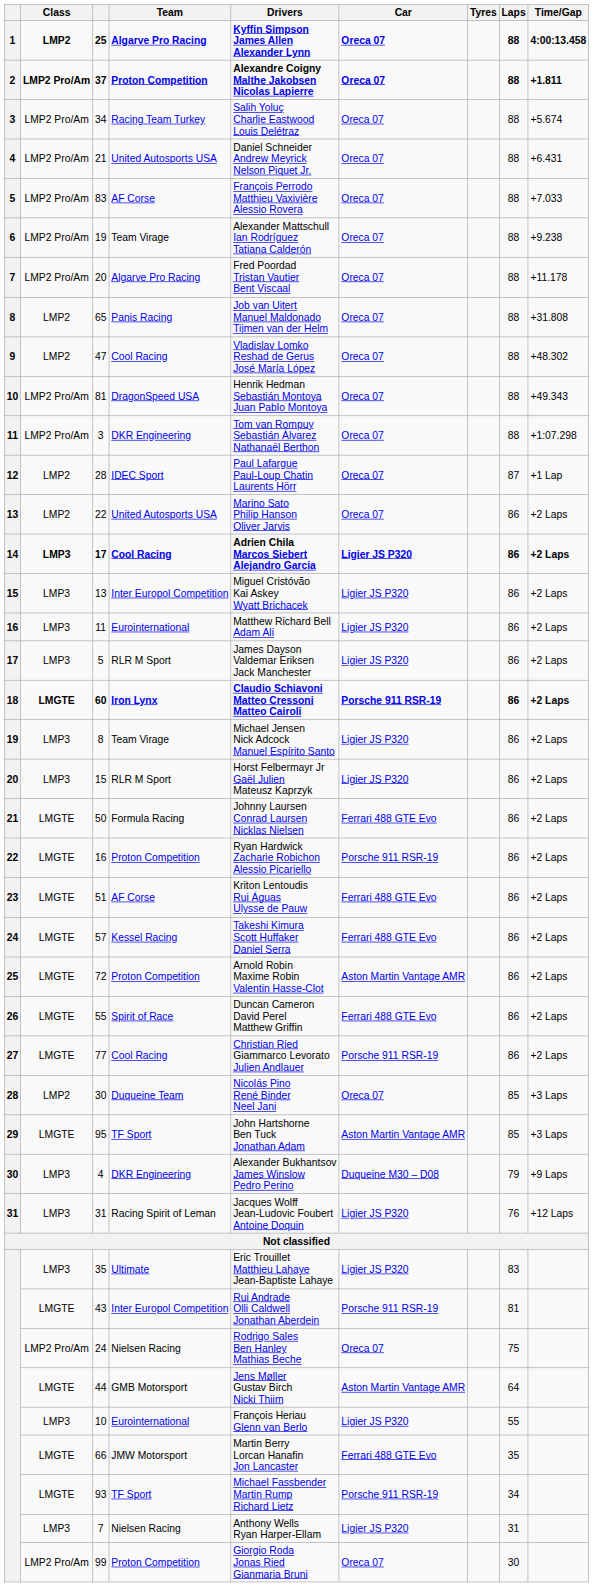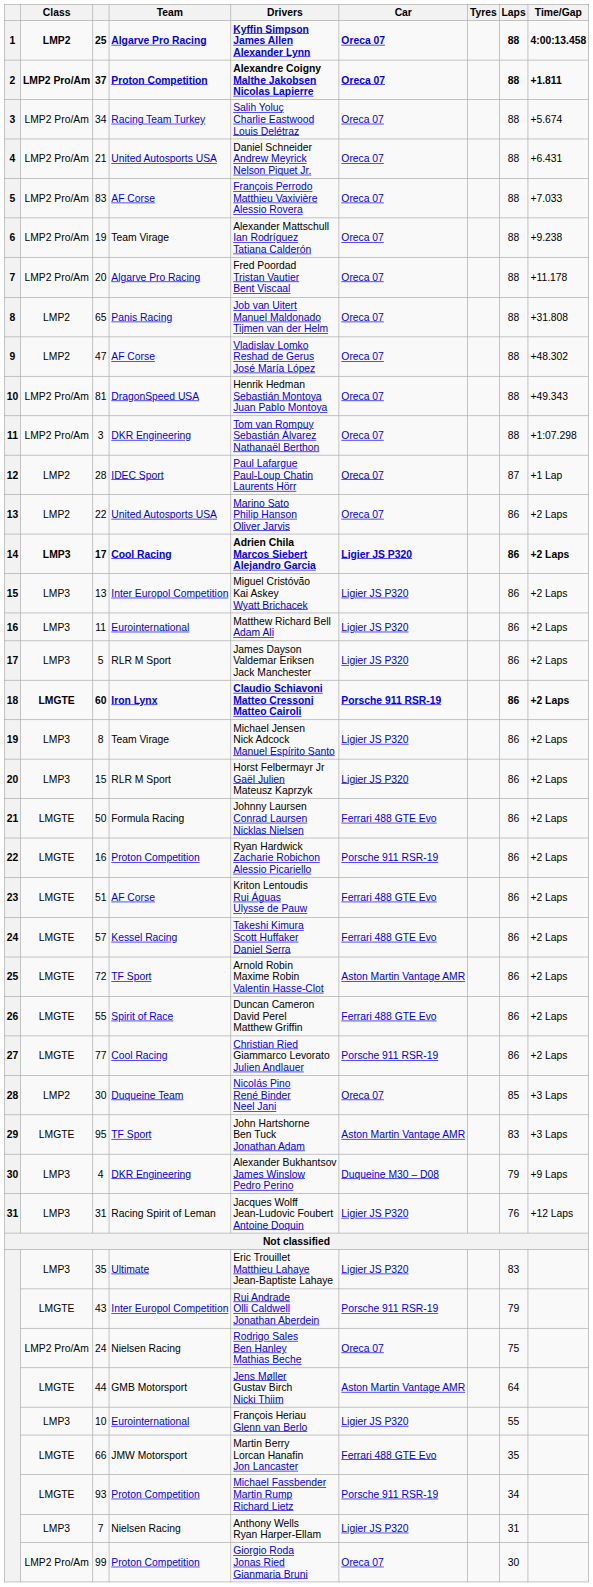 <table class="wikitable" style="font-size:95%;">
 <tr>
 <th></th>
 <th>Class</th>
 <th></th>
 <th>Team</th>
 <th>Drivers</th>
 <th>Car</th>
 <th>Tyres</th>
 <th>Laps</th>
 <th>Time/Gap</th>
 </tr>
 <tr style="font-weight: bold;">
 <th>1</th>
 <td align="center">LMP2</td>
 <td align="center">25</td>
 <td> <a href='#'>Algarve Pro Racing</a></td>
 <td> <a href='#'>Kyffin Simpson</a><br> <a href='#'>James Allen</a><br> <a href='#'>Alexander Lynn</a></td>
 <td><a href='#'>Oreca 07</a></td>
 <td align="center"></td>
 <td align="center">88</td>
 <td align="center">4:00:13.458</td>
 </tr>
 <tr style="font-weight: bold;">
 <th>2</th>
 <td align="center">LMP2 Pro/Am</td>
 <td align="center">37</td>
 <td> <a href='#'>Proton Competition</a></td>
 <td> Alexandre Coigny<br> <a href='#'>Malthe Jakobsen</a><br> <a href='#'>Nicolas Lapierre</a></td>
 <td><a href='#'>Oreca 07</a></td>
 <td align="center"></td>
 <td align="center">88</td>
 <td>+1.811</td>
 </tr>
 <tr>
 <th>3</th>
 <td align="center">LMP2 Pro/Am</td>
 <td align="center">34</td>
 <td> <a href='#'>Racing Team Turkey</a></td>
 <td> <a href='#'>Salih Yoluç</a><br> <a href='#'>Charlie Eastwood</a><br> <a href='#'>Louis Delétraz</a></td>
 <td><a href='#'>Oreca 07</a></td>
 <td align="center"></td>
 <td align="center">88</td>
 <td>+5.674</td>
 </tr>
 <tr>
 <th>4</th>
 <td align="center">LMP2 Pro/Am</td>
 <td align="center">21</td>
 <td> <a href='#'>United Autosports USA</a></td>
 <td> Daniel Schneider<br> <a href='#'>Andrew Meyrick</a><br> <a href='#'>Nelson Piquet Jr.</a></td>
 <td><a href='#'>Oreca 07</a></td>
 <td align="center"></td>
 <td align="center">88</td>
 <td>+6.431</td>
 </tr>
 <tr>
 <th>5</th>
 <td align="center">LMP2 Pro/Am</td>
 <td align="center">83</td>
 <td> <a href='#'>AF Corse</a></td>
 <td> <a href='#'>François Perrodo</a><br> <a href='#'>Matthieu Vaxivière</a><br> <a href='#'>Alessio Rovera</a></td>
 <td><a href='#'>Oreca 07</a></td>
 <td align="center"></td>
 <td align="center">88</td>
 <td>+7.033</td>
 </tr>
 <tr>
 <th>6</th>
 <td align="center">LMP2 Pro/Am</td>
 <td align="center">19</td>
 <td> Team Virage</td>
 <td> Alexander Mattschull<br> <a href='#'>Ian Rodríguez</a><br> <a href='#'>Tatiana Calderón</a></td>
 <td><a href='#'>Oreca 07</a></td>
 <td align="center"></td>
 <td align="center">88</td>
 <td>+9.238</td>
 </tr>
 <tr>
 <th>7</th>
 <td align="center">LMP2 Pro/Am</td>
 <td align="center">20</td>
 <td> <a href='#'>Algarve Pro Racing</a></td>
 <td> Fred Poordad<br> <a href='#'>Tristan Vautier</a><br> <a href='#'>Bent Viscaal</a></td>
 <td><a href='#'>Oreca 07</a></td>
 <td align="center"></td>
 <td align="center">88</td>
 <td>+11.178</td>
 </tr>
 <tr>
 <th>8</th>
 <td align="center">LMP2</td>
 <td align="center">65</td>
 <td> <a href='#'>Panis Racing</a></td>
 <td> <a href='#'>Job van Uitert</a><br> <a href='#'>Manuel Maldonado</a><br> <a href='#'>Tijmen van der Helm</a></td>
 <td><a href='#'>Oreca 07</a></td>
 <td align="center"></td>
 <td align="center">88</td>
 <td>+31.808</td>
 </tr>
 <tr>
 <th>9</th>
 <td align="center">LMP2</td>
 <td align="center">47</td>
-<td> <a href='#'>Cool Racing</a></td>
+<td> <a href='#'>AF Corse</a></td>
 <td> <a href='#'>Vladislav Lomko</a><br> <a href='#'>Reshad de Gerus</a><br> <a href='#'>José María López</a></td>
 <td><a href='#'>Oreca 07</a></td>
 <td align="center"></td>
 <td align="center">88</td>
 <td>+48.302</td>
 </tr>
 <tr>
 <th>10</th>
 <td align="center">LMP2 Pro/Am</td>
 <td align="center">81</td>
 <td> <a href='#'>DragonSpeed USA</a></td>
 <td> Henrik Hedman<br> <a href='#'>Sebastián Montoya</a><br> <a href='#'>Juan Pablo Montoya</a></td>
 <td><a href='#'>Oreca 07</a></td>
 <td align="center"></td>
 <td align="center">88</td>
 <td>+49.343</td>
 </tr>
 <tr>
 <th>11</th>
 <td align="center">LMP2 Pro/Am</td>
 <td align="center">3</td>
 <td> <a href='#'>DKR Engineering</a></td>
 <td> <a href='#'>Tom van Rompuy</a><br> <a href='#'>Sebastián Álvarez</a><br> <a href='#'>Nathanaël Berthon</a></td>
 <td><a href='#'>Oreca 07</a></td>
 <td align="center"></td>
 <td align="center">88</td>
 <td>+1:07.298</td>
 </tr>
 <tr>
 <th>12</th>
 <td align="center">LMP2</td>
 <td align="center">28</td>
 <td> <a href='#'>IDEC Sport</a></td>
 <td> <a href='#'>Paul Lafargue</a><br> <a href='#'>Paul-Loup Chatin</a><br> <a href='#'>Laurents Hörr</a></td>
 <td><a href='#'>Oreca 07</a></td>
 <td align="center"></td>
 <td align="center">87</td>
 <td>+1 Lap</td>
 </tr>
 <tr>
 <th>13</th>
 <td align="center">LMP2</td>
 <td align="center">22</td>
 <td> <a href='#'>United Autosports USA</a></td>
 <td> <a href='#'>Marino Sato</a><br> <a href='#'>Philip Hanson</a><br> <a href='#'>Oliver Jarvis</a></td>
 <td><a href='#'>Oreca 07</a></td>
 <td align="center"></td>
 <td align="center">86</td>
 <td>+2 Laps</td>
 </tr>
 <tr style="font-weight: bold;">
 <th>14</th>
 <td align="center">LMP3</td>
 <td align="center">17</td>
 <td> <a href='#'>Cool Racing</a></td>
 <td> Adrien Chila<br> <a href='#'>Marcos Siebert</a><br> <a href='#'>Alejandro Garcia</a></td>
 <td><a href='#'>Ligier JS P320</a></td>
 <td align="center"></td>
 <td align="center">86</td>
 <td>+2 Laps</td>
 </tr>
 <tr>
 <th>15</th>
 <td align="center">LMP3</td>
 <td align="center">13</td>
 <td> <a href='#'>Inter Europol Competition</a></td>
 <td> Miguel Cristóvão<br> Kai Askey<br> <a href='#'>Wyatt Brichacek</a></td>
 <td><a href='#'>Ligier JS P320</a></td>
 <td align="center"></td>
 <td align="center">86</td>
 <td>+2 Laps</td>
 </tr>
 <tr>
 <th>16</th>
 <td align="center">LMP3</td>
 <td align="center">11</td>
 <td> <a href='#'>Eurointernational</a></td>
 <td> Matthew Richard Bell<br> <a href='#'>Adam Ali</a></td>
 <td><a href='#'>Ligier JS P320</a></td>
 <td align="center"></td>
 <td align="center">86</td>
 <td>+2 Laps</td>
 </tr>
 <tr>
 <th>17</th>
 <td align="center">LMP3</td>
 <td align="center">5</td>
 <td> RLR M Sport</td>
 <td> James Dayson<br> Valdemar Eriksen<br> Jack Manchester</td>
 <td><a href='#'>Ligier JS P320</a></td>
 <td align="center"></td>
 <td align="center">86</td>
 <td>+2 Laps</td>
 </tr>
 <tr style="font-weight: bold;">
 <th>18</th>
 <td align="center">LMGTE</td>
 <td align="center">60</td>
 <td> <a href='#'>Iron Lynx</a></td>
 <td> <a href='#'>Claudio Schiavoni</a><br> <a href='#'>Matteo Cressoni</a><br> <a href='#'>Matteo Cairoli</a></td>
 <td><a href='#'>Porsche 911 RSR-19</a></td>
 <td align="center"></td>
 <td align="center">86</td>
 <td>+2 Laps</td>
 </tr>
 <tr>
 <th>19</th>
 <td align="center">LMP3</td>
 <td align="center">8</td>
 <td> Team Virage</td>
 <td> Michael Jensen<br> Nick Adcock<br> <a href='#'>Manuel Espírito Santo</a></td>
 <td><a href='#'>Ligier JS P320</a></td>
 <td align="center"></td>
 <td align="center">86</td>
 <td>+2 Laps</td>
 </tr>
 <tr>
 <th>20</th>
 <td align="center">LMP3</td>
 <td align="center">15</td>
 <td> RLR M Sport</td>
 <td> Horst Felbermayr Jr<br> <a href='#'>Gaël Julien</a><br> Mateusz Kaprzyk</td>
 <td><a href='#'>Ligier JS P320</a></td>
 <td align="center"></td>
 <td align="center">86</td>
 <td>+2 Laps</td>
 </tr>
 <tr>
 <th>21</th>
 <td align="center">LMGTE</td>
 <td align="center">50</td>
 <td> Formula Racing</td>
 <td> Johnny Laursen<br> <a href='#'>Conrad Laursen</a><br> <a href='#'>Nicklas Nielsen</a></td>
 <td><a href='#'>Ferrari 488 GTE Evo</a></td>
 <td align="center"></td>
 <td align="center">86</td>
 <td>+2 Laps</td>
 </tr>
 <tr>
 <th>22</th>
 <td align="center">LMGTE</td>
 <td align="center">16</td>
 <td> <a href='#'>Proton Competition</a></td>
 <td> Ryan Hardwick<br> <a href='#'>Zacharie Robichon</a><br> <a href='#'>Alessio Picariello</a></td>
 <td><a href='#'>Porsche 911 RSR-19</a></td>
 <td align="center"></td>
 <td align="center">86</td>
 <td>+2 Laps</td>
 </tr>
 <tr>
 <th>23</th>
 <td align="center">LMGTE</td>
 <td align="center">51</td>
 <td> <a href='#'>AF Corse</a></td>
 <td> Kriton Lentoudis<br> <a href='#'>Rui Águas</a><br> <a href='#'>Ulysse de Pauw</a></td>
 <td><a href='#'>Ferrari 488 GTE Evo</a></td>
 <td align="center"></td>
 <td align="center">86</td>
 <td>+2 Laps</td>
 </tr>
 <tr>
 <th>24</th>
 <td align="center">LMGTE</td>
 <td align="center">57</td>
 <td> <a href='#'>Kessel Racing</a></td>
 <td> <a href='#'>Takeshi Kimura</a><br> <a href='#'>Scott Huffaker</a><br> <a href='#'>Daniel Serra</a></td>
 <td><a href='#'>Ferrari 488 GTE Evo</a></td>
 <td align="center"></td>
 <td align="center">86</td>
 <td>+2 Laps</td>
 </tr>
 <tr>
 <th>25</th>
 <td align="center">LMGTE</td>
 <td align="center">72</td>
-<td> <a href='#'>Proton Competition</a></td>
+<td> <a href='#'>TF Sport</a></td>
 <td> Arnold Robin<br> Maxime Robin<br> <a href='#'>Valentin Hasse-Clot</a></td>
 <td><a href='#'>Aston Martin Vantage AMR</a></td>
 <td align="center"></td>
 <td align="center">86</td>
 <td>+2 Laps</td>
 </tr>
 <tr>
 <th>26</th>
 <td align="center">LMGTE</td>
 <td align="center">55</td>
 <td> <a href='#'>Spirit of Race</a></td>
 <td> Duncan Cameron<br> David Perel<br> Matthew Griffin</td>
 <td><a href='#'>Ferrari 488 GTE Evo</a></td>
 <td align="center"></td>
 <td align="center">86</td>
 <td>+2 Laps</td>
 </tr>
 <tr>
 <th>27</th>
 <td align="center">LMGTE</td>
 <td align="center">77</td>
 <td> <a href='#'>Cool Racing</a></td>
 <td> <a href='#'>Christian Ried</a><br> Giammarco Levorato<br> <a href='#'>Julien Andlauer</a></td>
 <td><a href='#'>Porsche 911 RSR-19</a></td>
 <td align="center"></td>
 <td align="center">86</td>
 <td>+2 Laps</td>
 </tr>
 <tr>
 <th>28</th>
 <td align="center">LMP2</td>
 <td align="center">30</td>
 <td> <a href='#'>Duqueine Team</a></td>
 <td> <a href='#'>Nicolás Pino</a><br> <a href='#'>René Binder</a><br> <a href='#'>Neel Jani</a></td>
 <td><a href='#'>Oreca 07</a></td>
 <td align="center"></td>
 <td align="center">85</td>
 <td>+3 Laps</td>
 </tr>
 <tr>
 <th>29</th>
 <td align="center">LMGTE</td>
 <td align="center">95</td>
 <td> <a href='#'>TF Sport</a></td>
 <td> John Hartshorne<br> Ben Tuck<br> <a href='#'>Jonathan Adam</a></td>
 <td><a href='#'>Aston Martin Vantage AMR</a></td>
 <td align="center"></td>
-<td align="center">85</td>
+<td align="center">83</td>
 <td>+3 Laps</td>
 </tr>
 <tr>
 <th>30</th>
 <td align="center">LMP3</td>
 <td align="center">4</td>
 <td> <a href='#'>DKR Engineering</a></td>
 <td> Alexander Bukhantsov<br> <a href='#'>James Winslow</a><br> <a href='#'>Pedro Perino</a></td>
 <td><a href='#'>Duqueine M30 – D08</a></td>
 <td align="center"></td>
 <td align="center">79</td>
 <td>+9 Laps</td>
 </tr>
 <tr>
 <th>31</th>
 <td align="center">LMP3</td>
 <td align="center">31</td>
 <td> Racing Spirit of Leman</td>
 <td> Jacques Wolff<br> Jean-Ludovic Foubert<br> <a href='#'>Antoine Doquin</a></td>
 <td><a href='#'>Ligier JS P320</a></td>
 <td align="center"></td>
 <td align="center">76</td>
 <td>+12 Laps</td>
 </tr>
 <tr>
 <th colspan="9">Not classified</th>
 </tr>
 <tr>
 <th rowspan="9"></th>
 <td align="center">LMP3</td>
 <td align="center">35</td>
 <td> <a href='#'>Ultimate</a></td>
 <td> Eric Trouillet<br> <a href='#'>Matthieu Lahaye</a><br> Jean-Baptiste Lahaye</td>
 <td><a href='#'>Ligier JS P320</a></td>
 <td align="center"></td>
 <td align="center">83</td>
 <td></td>
 </tr>
 <tr>
 <td align="center">LMGTE</td>
 <td align="center">43</td>
 <td> <a href='#'>Inter Europol Competition</a></td>
 <td> <a href='#'>Rui Andrade</a><br> <a href='#'>Olli Caldwell</a><br> <a href='#'>Jonathan Aberdein</a></td>
 <td><a href='#'>Porsche 911 RSR-19</a></td>
 <td align="center"></td>
-<td align="center">81</td>
+<td align="center">79</td>
 <td></td>
 </tr>
 <tr>
 <td align="center">LMP2 Pro/Am</td>
 <td align="center">24</td>
 <td> Nielsen Racing</td>
 <td> <a href='#'>Rodrigo Sales</a><br> <a href='#'>Ben Hanley</a><br> <a href='#'>Mathias Beche</a></td>
 <td><a href='#'>Oreca 07</a></td>
 <td align="center"></td>
 <td align="center">75</td>
 <td></td>
 </tr>
 <tr>
 <td align="center">LMGTE</td>
 <td align="center">44</td>
 <td> GMB Motorsport</td>
 <td> <a href='#'>Jens Møller</a><br> Gustav Birch<br> <a href='#'>Nicki Thiim</a></td>
 <td><a href='#'>Aston Martin Vantage AMR</a></td>
 <td align="center"></td>
 <td align="center">64</td>
 <td></td>
 </tr>
 <tr>
 <td align="center">LMP3</td>
 <td align="center">10</td>
 <td> <a href='#'>Eurointernational</a></td>
 <td> François Heriau<br> <a href='#'>Glenn van Berlo</a></td>
 <td><a href='#'>Ligier JS P320</a></td>
 <td align="center"></td>
 <td align="center">55</td>
 <td></td>
 </tr>
 <tr>
 <td align="center">LMGTE</td>
 <td align="center">66</td>
 <td> JMW Motorsport</td>
 <td> Martin Berry<br> Lorcan Hanafin<br> <a href='#'>Jon Lancaster</a></td>
 <td><a href='#'>Ferrari 488 GTE Evo</a></td>
 <td align="center"></td>
 <td align="center">35</td>
 <td></td>
 </tr>
 <tr>
 <td align="center">LMGTE</td>
 <td align="center">93</td>
-<td> <a href='#'>TF Sport</a></td>
+<td> <a href='#'>Proton Competition</a></td>
 <td> <a href='#'>Michael Fassbender</a><br> <a href='#'>Martin Rump</a><br> <a href='#'>Richard Lietz</a></td>
 <td><a href='#'>Porsche 911 RSR-19</a></td>
 <td align="center"></td>
 <td align="center">34</td>
 <td></td>
 </tr>
 <tr>
 <td align="center">LMP3</td>
 <td align="center">7</td>
 <td> Nielsen Racing</td>
 <td> Anthony Wells<br> Ryan Harper-Ellam</td>
 <td><a href='#'>Ligier JS P320</a></td>
 <td align="center"></td>
 <td align="center">31</td>
 <td></td>
 </tr>
 <tr>
 <td align="center">LMP2 Pro/Am</td>
 <td align="center">99</td>
 <td> <a href='#'>Proton Competition</a></td>
 <td> <a href='#'>Giorgio Roda</a><br> <a href='#'>Jonas Ried</a><br> <a href='#'>Gianmaria Bruni</a></td>
 <td><a href='#'>Oreca 07</a></td>
 <td align="center"></td>
 <td align="center">30</td>
 <td></td>
 </tr>
 </table>
